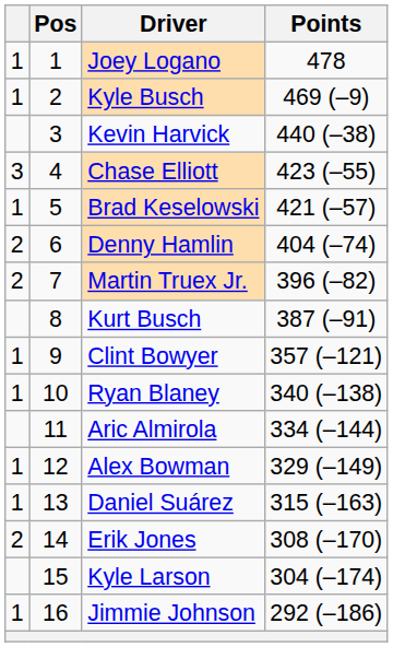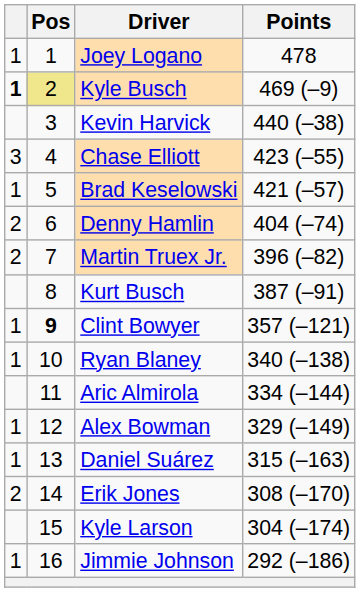 <table class="wikitable" style="font-size: 95%">
 <tr>
 <th></th>
 <th>Pos</th>
 <th>Driver</th>
 <th>Points</th>
 </tr>
 <tr>
 <td align="left"> 1</td>
 <td style="text-align:center;">1</td>
 <td style="background:#FFDEAD;"><a href='#'>Joey Logano</a></td>
 <td style="text-align:center;">478</td>
 </tr>
 <tr>
-<td align="left"> 1</td>
-<td style="text-align:center;">2</td>
+<td align="left"><strong> 1</strong></td>
+<td style="background: khaki; text-align:center;">2</td>
 <td style="background:#FFDEAD;"><a href='#'>Kyle Busch</a></td>
 <td style="text-align:center;">469 (–9)</td>
 </tr>
 <tr>
 <td align="left"></td>
 <td style="text-align:center;">3</td>
 <td><a href='#'>Kevin Harvick</a></td>
 <td style="text-align:center;">440 (–38)</td>
 </tr>
 <tr>
 <td align="left"> 3</td>
 <td style="text-align:center;">4</td>
 <td style="background:#FFDEAD;"><a href='#'>Chase Elliott</a></td>
 <td style="text-align:center;">423 (–55)</td>
 </tr>
 <tr>
 <td align="left"> 1</td>
 <td style="text-align:center;">5</td>
 <td style="background:#FFDEAD;"><a href='#'>Brad Keselowski</a></td>
 <td style="text-align:center;">421 (–57)</td>
 </tr>
 <tr>
 <td align="left"> 2</td>
 <td style="text-align:center;">6</td>
 <td style="background:#FFDEAD;"><a href='#'>Denny Hamlin</a></td>
 <td style="text-align:center;">404 (–74)</td>
 </tr>
 <tr>
 <td align="left"> 2</td>
 <td style="text-align:center;">7</td>
 <td style="background:#FFDEAD;"><a href='#'>Martin Truex Jr.</a></td>
 <td style="text-align:center;">396 (–82)</td>
 </tr>
 <tr>
 <td align="left"></td>
 <td style="text-align:center;">8</td>
 <td><a href='#'>Kurt Busch</a></td>
 <td style="text-align:center;">387 (–91)</td>
 </tr>
 <tr>
 <td align="left"> 1</td>
-<td style="text-align:center;">9</td>
+<td style="text-align:center;"><strong>9</strong></td>
 <td><a href='#'>Clint Bowyer</a></td>
 <td style="text-align:center;">357 (–121)</td>
 </tr>
 <tr>
 <td align="left"> 1</td>
 <td style="text-align:center;">10</td>
 <td><a href='#'>Ryan Blaney</a></td>
 <td style="text-align:center;">340 (–138)</td>
 </tr>
 <tr>
 <td align="left"></td>
 <td style="text-align:center;">11</td>
 <td><a href='#'>Aric Almirola</a></td>
 <td style="text-align:center;">334 (–144)</td>
 </tr>
 <tr>
 <td align="left"> 1</td>
 <td style="text-align:center;">12</td>
 <td><a href='#'>Alex Bowman</a></td>
 <td style="text-align:center;">329 (–149)</td>
 </tr>
 <tr>
 <td align="left"> 1</td>
 <td style="text-align:center;">13</td>
 <td><a href='#'>Daniel Suárez</a></td>
 <td style="text-align:center;">315 (–163)</td>
 </tr>
 <tr>
 <td align="left"> 2</td>
 <td style="text-align:center;">14</td>
 <td><a href='#'>Erik Jones</a></td>
 <td style="text-align:center;">308 (–170)</td>
 </tr>
 <tr>
 <td align="left"></td>
 <td style="text-align:center;">15</td>
 <td><a href='#'>Kyle Larson</a></td>
 <td style="text-align:center;">304 (–174)</td>
 </tr>
 <tr>
 <td align="left"> 1</td>
 <td style="text-align:center;">16</td>
 <td><a href='#'>Jimmie Johnson</a></td>
 <td style="text-align:center;">292 (–186)</td>
 </tr>
 <tr class="sortbottom">
 <th colspan="9"></th>
 </tr>
 </table>
